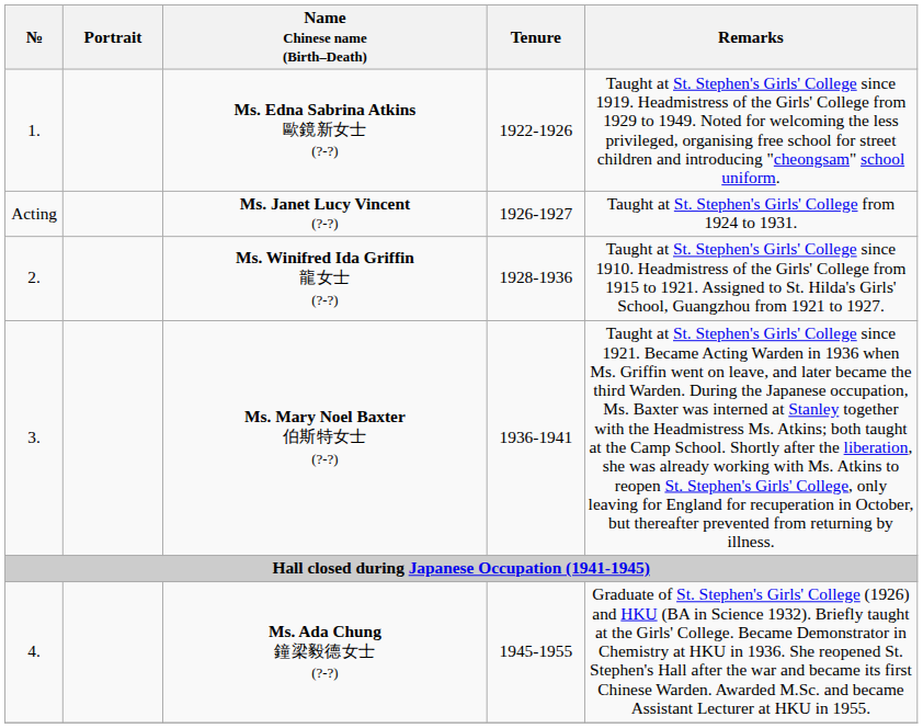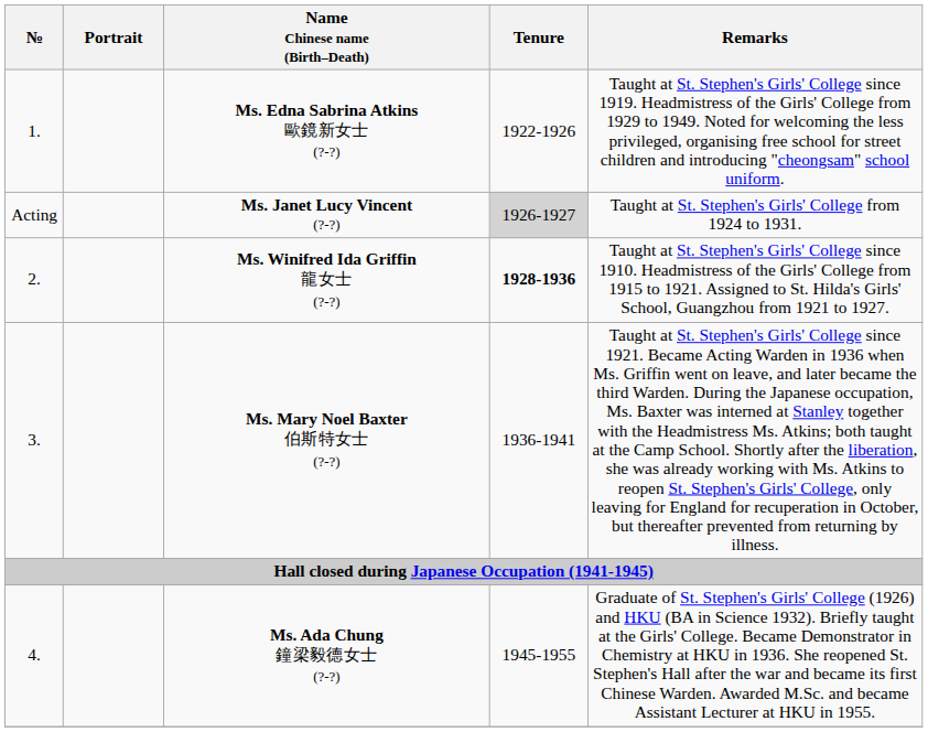 <table class="wikitable" style="text-align: center;">
 <tr>
 <th width=50px>№</th>
 <th width=100px>Portrait</th>
 <th width=400px>Name<br><small>Chinese name<br>(Birth–Death)</small></th>
 <th width=100px>Tenure</th>
 <th width=400px>Remarks</th>
 </tr>
 <tr>
 <td>1.</td>
 <td></td>
 <td><strong>Ms. Edna Sabrina Atkins</strong><br>歐鏡新女士<br><small>(?-?)</small></td>
 <td>1922-1926</td>
 <td>Taught at <a href='#'>St. Stephen's Girls' College</a> since 1919. Headmistress of the Girls' College from 1929 to 1949. Noted for welcoming the less privileged, organising free school for street children and introducing "<a href='#'>cheongsam</a>" <a href='#'>school uniform</a>.</td>
 </tr>
 <tr>
 <td>Acting</td>
 <td></td>
 <td><strong>Ms. Janet Lucy Vincent</strong><br><small>(?-?)</small></td>
-<td>1926-1927</td>
+<td style="background: lightgrey;">1926-1927</td>
 <td>Taught at <a href='#'>St. Stephen's Girls' College</a> from 1924 to 1931.</td>
 </tr>
 <tr>
 <td>2.</td>
 <td></td>
 <td><strong>Ms. Winifred Ida Griffin</strong><br>龍女士<br><small>(?-?)</small></td>
-<td>1928-1936</td>
+<td><strong>1928-1936</strong></td>
 <td>Taught at <a href='#'>St. Stephen's Girls' College</a> since 1910. Headmistress of the Girls' College from 1915 to 1921. Assigned to St. Hilda's Girls' School, Guangzhou from 1921 to 1927.</td>
 </tr>
 <tr>
 <td>3.</td>
 <td></td>
 <td><strong>Ms. Mary Noel Baxter</strong><br>伯斯特女士<br><small>(?-?)</small></td>
 <td>1936-1941</td>
 <td>Taught at <a href='#'>St. Stephen's Girls' College</a> since 1921. Became Acting Warden in 1936 when Ms. Griffin went on leave, and later became the third Warden. During the Japanese occupation, Ms. Baxter was interned at <a href='#'>Stanley</a> together with the Headmistress Ms. Atkins; both taught at the Camp School. Shortly after the <a href='#'>liberation</a>, she was already working with Ms. Atkins to reopen <a href='#'>St. Stephen's Girls' College</a>, only leaving for England for recuperation in October, but thereafter prevented from returning by illness.</td>
 </tr>
 <tr>
 <td colspan=5 style="text-align:center" bgcolor="#CCCCCC"><strong>Hall closed during <a href='#'>Japanese Occupation (1941-1945)</a></strong></td>
 </tr>
 <tr>
 <td>4.</td>
 <td></td>
 <td><strong>Ms. Ada Chung</strong><br>鐘梁毅德女士<br><small>(?-?)</small></td>
 <td>1945-1955</td>
 <td>Graduate of <a href='#'>St. Stephen's Girls' College</a> (1926) and <a href='#'>HKU</a> (BA in Science 1932). Briefly taught at the Girls' College. Became Demonstrator in Chemistry at HKU in 1936. She reopened St. Stephen's Hall after the war and became its first Chinese Warden. Awarded M.Sc. and became Assistant Lecturer at HKU in 1955.</td>
 </tr>
 <tr>
 </tr>
 </table>
